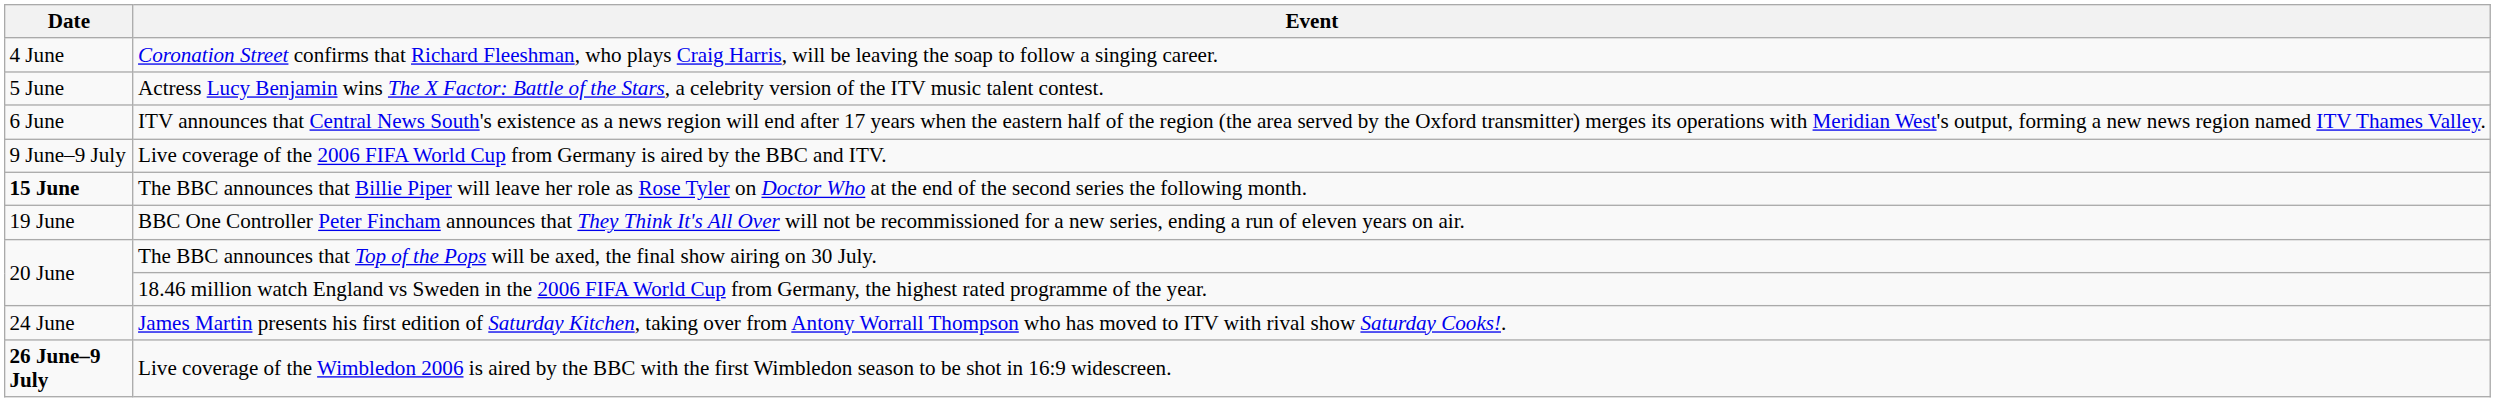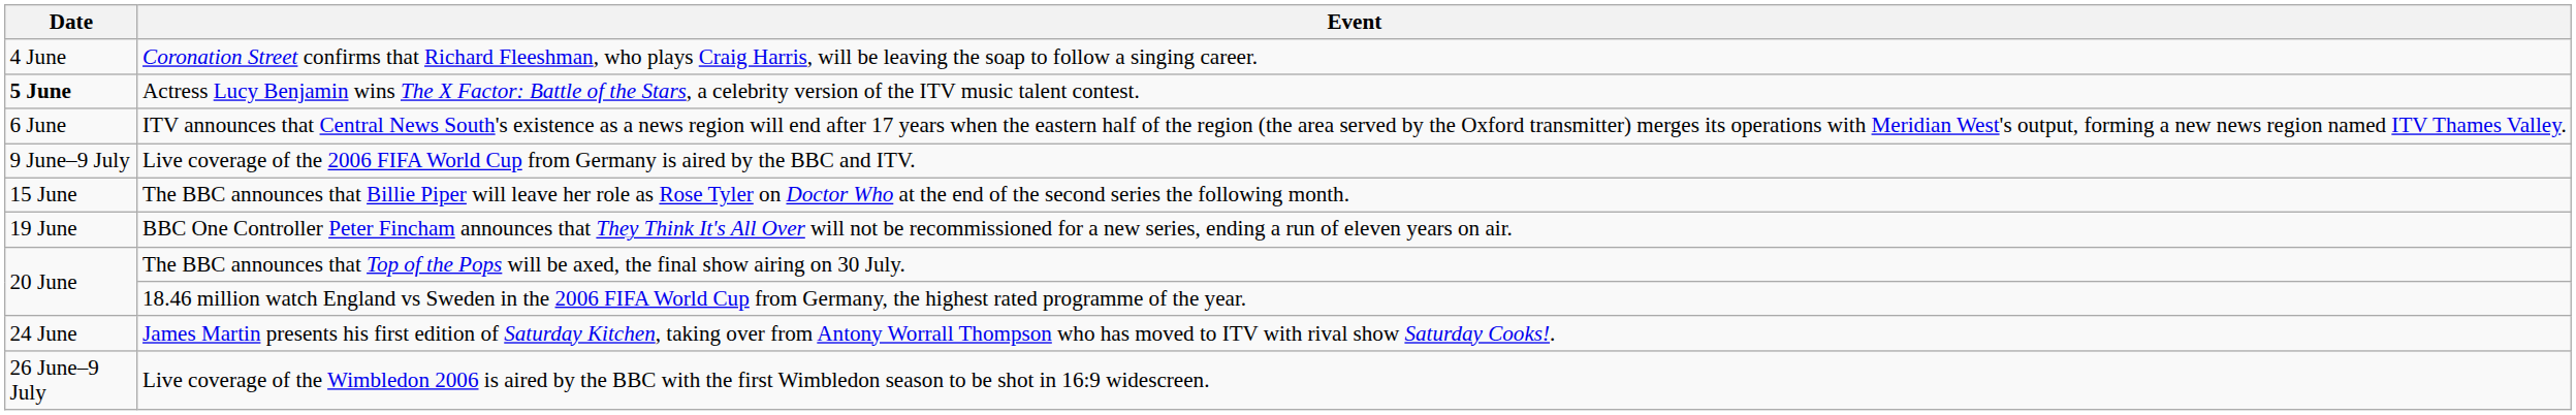 <table class="wikitable">
 <tr>
 <th width=90>Date</th>
 <th>Event</th>
 </tr>
 <tr>
 <td>4 June</td>
 <td><em><a href='#'>Coronation Street</a></em> confirms that <a href='#'>Richard Fleeshman</a>, who plays <a href='#'>Craig Harris</a>, will be leaving the soap to follow a singing career.</td>
 </tr>
 <tr>
-<td>5 June</td>
+<td><strong>5 June</strong></td>
 <td>Actress <a href='#'>Lucy Benjamin</a> wins <em><a href='#'>The X Factor: Battle of the Stars</a></em>, a celebrity version of the ITV music talent contest.</td>
 </tr>
 <tr>
 <td>6 June</td>
 <td>ITV announces that <a href='#'>Central News South</a>'s existence as a news region will end after 17 years when the eastern half of the region (the area served by the Oxford transmitter) merges its operations with <a href='#'>Meridian West</a>'s output, forming a new news region named <a href='#'>ITV Thames Valley</a>.</td>
 </tr>
 <tr>
 <td>9 June–9 July</td>
 <td>Live coverage of the <a href='#'>2006 FIFA World Cup</a> from Germany is aired by the BBC and ITV.</td>
 </tr>
 <tr>
-<td><strong>15 June</strong></td>
+<td>15 June</td>
 <td>The BBC announces that <a href='#'>Billie Piper</a> will leave her role as <a href='#'>Rose Tyler</a> on <em><a href='#'>Doctor Who</a></em> at the end of the second series the following month.</td>
 </tr>
 <tr>
 <td>19 June</td>
 <td>BBC One Controller <a href='#'>Peter Fincham</a> announces that <em><a href='#'>They Think It's All Over</a></em> will not be recommissioned for a new series, ending a run of eleven years on air.</td>
 </tr>
 <tr>
 <td rowspan=2>20 June</td>
 <td>The BBC announces that <em><a href='#'>Top of the Pops</a></em> will be axed, the final show airing on 30 July.</td>
 </tr>
 <tr>
 <td>18.46 million watch England vs Sweden in the <a href='#'>2006 FIFA World Cup</a> from Germany, the highest rated programme of the year.</td>
 </tr>
 <tr>
 <td>24 June</td>
 <td><a href='#'>James Martin</a> presents his first edition of <em><a href='#'>Saturday Kitchen</a></em>, taking over from <a href='#'>Antony Worrall Thompson</a> who has moved to ITV with rival show <em><a href='#'>Saturday Cooks!</a></em>.</td>
 </tr>
 <tr>
-<td><strong>26 June–9 July</strong></td>
+<td>26 June–9 July</td>
 <td>Live coverage of the <a href='#'>Wimbledon 2006</a> is aired by the BBC with the first Wimbledon season to be shot in 16:9 widescreen.</td>
 </tr>
 </table>
